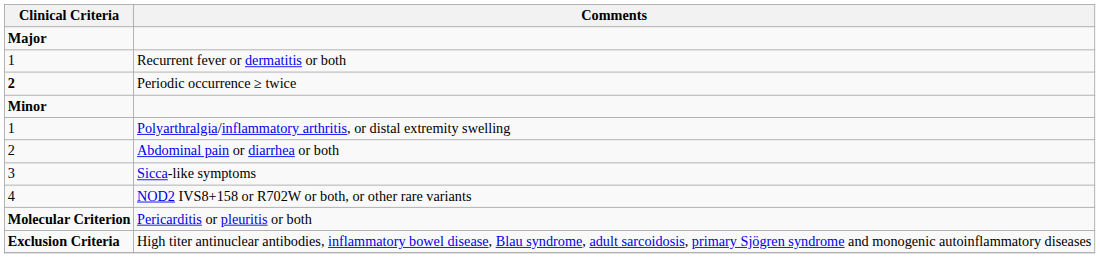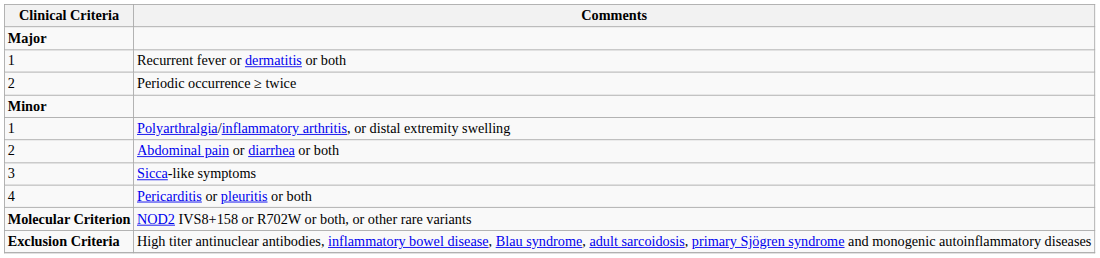 <table class="wikitable">
 <tr>
 <th>Clinical Criteria</th>
 <th>Comments</th>
 </tr>
 <tr>
 <td><strong>Major</strong></td>
 <td></td>
 </tr>
 <tr>
 <td>1</td>
 <td>Recurrent fever or <a href='#'>dermatitis</a> or both</td>
 </tr>
 <tr>
-<td><strong>2</strong></td>
+<td>2</td>
 <td>Periodic occurrence ≥ twice</td>
 </tr>
 <tr>
 <td><strong>Minor</strong></td>
 <td></td>
 </tr>
 <tr>
 <td>1</td>
 <td><a href='#'>Polyarthralgia</a>/<a href='#'>inflammatory arthritis</a>, or distal extremity swelling</td>
 </tr>
 <tr>
 <td>2</td>
 <td><a href='#'>Abdominal pain</a> or <a href='#'>diarrhea</a> or both</td>
 </tr>
 <tr>
 <td>3</td>
 <td><a href='#'>Sicca</a>-like symptoms</td>
 </tr>
 <tr>
 <td>4</td>
-<td><a href='#'>NOD2</a> IVS8+158 or R702W or both, or other rare variants</td>
+<td><a href='#'>Pericarditis</a> or <a href='#'>pleuritis</a> or both</td>
 </tr>
 <tr>
 <td><strong>Molecular Criterion</strong></td>
-<td><a href='#'>Pericarditis</a> or <a href='#'>pleuritis</a> or both</td>
+<td><a href='#'>NOD2</a> IVS8+158 or R702W or both, or other rare variants</td>
 </tr>
 <tr>
 <td><strong>Exclusion Criteria</strong></td>
 <td>High titer antinuclear antibodies, <a href='#'>inflammatory bowel disease</a>, <a href='#'>Blau syndrome</a>, <a href='#'>adult sarcoidosis</a>, <a href='#'>primary Sjögren syndrome</a> and monogenic autoinflammatory diseases</td>
 </tr>
 <tr>
 </tr>
 </table>
